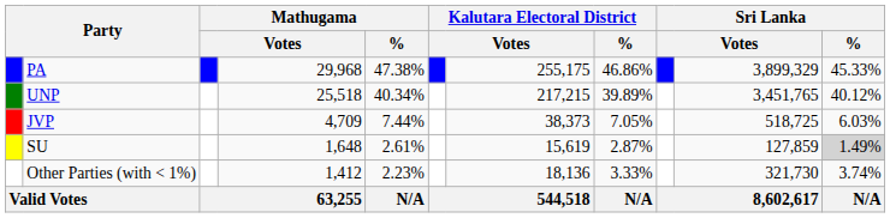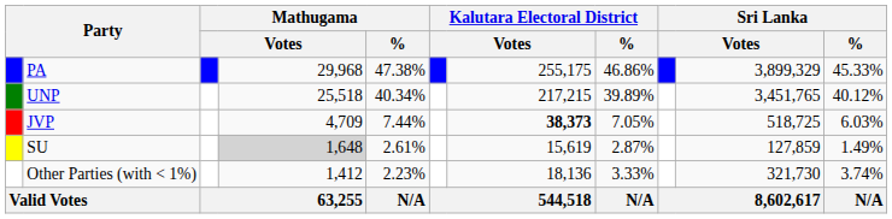 <table class="wikitable">
 <tr>
 <th colspan="2" width="144px"rowspan="2">Party</th>
 <th colspan="3" width="216px">Mathugama</th>
 <th colspan="3" width="216px"><a href='#'>Kalutara Electoral District</a></th>
 <th colspan="3" width="216px">Sri Lanka</th>
 </tr>
 <tr>
 <th colspan="2" width="144px">Votes</th>
 <th>%</th>
 <th colspan="2" width="144px">Votes</th>
 <th>%</th>
 <th colspan="2" width="144px">Votes</th>
 <th>%</th>
 </tr>
 <tr>
 <td style="background-color:blue;" width="10px"></td>
 <td style="text-align:left;"><a href='#'>PA</a></td>
 <td style="background-color:blue;" width="10px"></td>
 <td style="text-align:right;">29,968</td>
 <td style="text-align:right;">47.38%</td>
 <td style="background-color:blue;" width="10px"></td>
 <td style="text-align:right;">255,175</td>
 <td style="text-align:right;">46.86%</td>
 <td style="background-color:blue;" width="10px"></td>
 <td style="text-align:right;">3,899,329</td>
 <td style="text-align:right;">45.33%</td>
 </tr>
 <tr>
 <td style="background-color:green;" width="10px"></td>
 <td style="text-align:left;"><a href='#'>UNP</a></td>
 <td style="background-color:white;" width="10px"></td>
 <td style="text-align:right;">25,518</td>
 <td style="text-align:right;">40.34%</td>
 <td style="background-color:white;" width="10px"></td>
 <td style="text-align:right;">217,215</td>
 <td style="text-align:right;">39.89%</td>
 <td style="background-color:white;" width="10px"></td>
 <td style="text-align:right;">3,451,765</td>
 <td style="text-align:right;">40.12%</td>
 </tr>
 <tr>
 <td style="background-color:red;" width="10px"></td>
 <td style="text-align:left;"><a href='#'>JVP</a></td>
 <td style="background-color:white;" width="10px"></td>
 <td style="text-align:right;">4,709</td>
 <td style="text-align:right;">7.44%</td>
 <td style="background-color:white;" width="10px"></td>
-<td style="text-align:right;">38,373</td>
+<td style="text-align:right;"><strong>38,373</strong></td>
 <td style="text-align:right;">7.05%</td>
 <td style="background-color:white;" width="10px"></td>
 <td style="text-align:right;">518,725</td>
 <td style="text-align:right;">6.03%</td>
 </tr>
 <tr>
 <td style="background-color:yellow;" width="10px"></td>
 <td style="text-align:left;">SU</td>
 <td style="background-color:white;" width="10px"></td>
-<td style="text-align:right;">1,648</td>
+<td style="background: lightgrey; text-align:right;">1,648</td>
 <td style="text-align:right;">2.61%</td>
 <td style="background-color:white;" width="10px"></td>
 <td style="text-align:right;">15,619</td>
 <td style="text-align:right;">2.87%</td>
 <td style="background-color:white;" width="10px"></td>
 <td style="text-align:right;">127,859</td>
-<td style="background: lightgrey; text-align:right;">1.49%</td>
+<td style="text-align:right;">1.49%</td>
 </tr>
 <tr>
 <td style="background-color:white;" width="10px"></td>
 <td style="text-align:left;">Other Parties (with < 1%)</td>
 <td style="background-color:white;" width="10px"></td>
 <td style="text-align:right;">1,412</td>
 <td style="text-align:right;">2.23%</td>
 <td style="background-color:white;" width="10px"></td>
 <td style="text-align:right;">18,136</td>
 <td style="text-align:right;">3.33%</td>
 <td style="background-color:white;" width="10px"></td>
 <td style="text-align:right;">321,730</td>
 <td style="text-align:right;">3.74%</td>
 </tr>
 <tr>
 <th colspan="2" width="144px"style="text-align:left;">Valid Votes</th>
 <th style="text-align:right;"colspan="2" width="144px">63,255</th>
 <th style="text-align:right;">N/A</th>
 <th style="text-align:right;"colspan="2" width="144px">544,518</th>
 <th style="text-align:right;">N/A</th>
 <th style="text-align:right;"colspan="2" width="144px">8,602,617</th>
 <th style="text-align:right;">N/A</th>
 </tr>
 </table>
